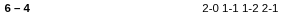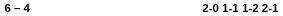 <table width=100% cellspacing=1>
 <tr>
 <th width=20%></th>
 <th width=12%></th>
 <th width=20%></th>
 <th width=33%></th>
 <td></td>
 </tr>
 <tr style=font-size:90%>
 <td align=right><strong></strong></td>
 <td align=center><strong>6 – 4</strong></td>
 <td></td>
-<td>2-0 1-1 1-2 2-1</td>
+<td><strong>2-0 1-1 1-2 2-1</strong></td>
 </tr>
 </table>
